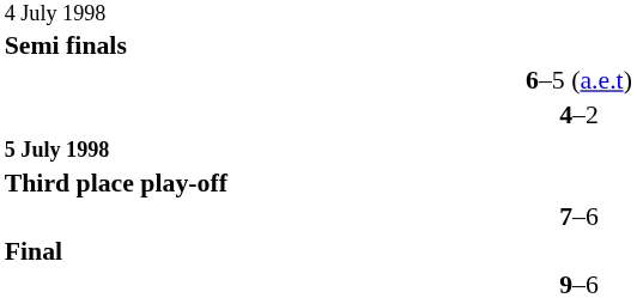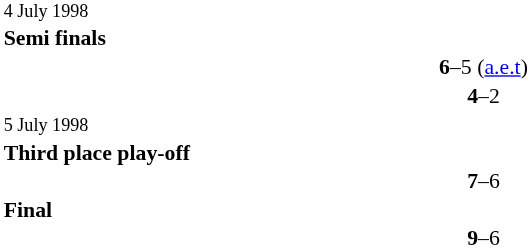 <table width=100% cellspacing=1>
 <tr>
 <th width=22%></th>
 <th width=12%></th>
 <th></th>
 </tr>
 <tr>
 <td><small>4 July 1998</small></td>
 </tr>
 <tr>
 <td><strong>Semi finals</strong></td>
 </tr>
 <tr>
 <td align=right><strong></strong></td>
 <td align=center><strong>6</strong>–5 (<a href='#'>a.e.t</a>)</td>
 <td></td>
 </tr>
 <tr>
 <td align=right><strong></strong></td>
 <td align=center><strong>4</strong>–2</td>
 <td></td>
 </tr>
 <tr>
-<td><strong><small>5 July 1998</small></strong></td>
+<td><small>5 July 1998</small></td>
 </tr>
 <tr>
 <td><strong>Third place play-off</strong></td>
 </tr>
 <tr>
 <td align=right><strong></strong></td>
 <td align=center><strong>7</strong>–6</td>
 <td></td>
 </tr>
 <tr>
 <td><strong>Final</strong></td>
 </tr>
 <tr>
 <td align=right><strong></strong></td>
 <td align=center><strong>9</strong>–6</td>
 <td></td>
 </tr>
 </table>
